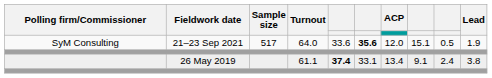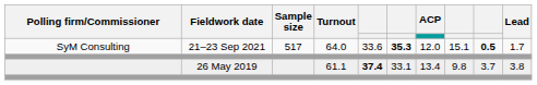 <table class="wikitable collapsible collapsed" style="text-align:center; font-size:95%; line-height:16px;">
 <tr style="height:42px;">
 <th style="width:250px;" rowspan="2">Polling firm/Commissioner</th>
 <th style="width:125px;" rowspan="2">Fieldwork date</th>
 <th style="width:50px;" rowspan="2">Sample size</th>
 <th style="width:45px;" rowspan="2">Turnout</th>
 <th style="width:35px;"></th>
 <th style="width:35px;"></th>
 <th style="width:35px;">ACP</th>
 <th style="width:35px;"></th>
 <th style="width:35px;"></th>
 <th style="width:30px;" rowspan="2">Lead</th>
 </tr>
 <tr>
 <th style="color:inherit;background:"></th>
 <th style="color:inherit;background:"></th>
 <th style="color:inherit;background:#009D9D;"></th>
 <th style="color:inherit;background:"></th>
 <th style="color:inherit;background:"></th>
 </tr>
 <tr>
 <td>SyM Consulting</td>
 <td>21–23 Sep 2021</td>
 <td>517</td>
 <td>64.0</td>
 <td>33.6<br></td>
-<td><strong>35.6</strong><br></td>
+<td><strong>35.3</strong><br></td>
 <td>12.0<br></td>
 <td>15.1<br></td>
-<td>0.5<br></td>
-<td style="background:">1.9</td>
+<td><strong>0.5<br></strong></td>
+<td style="background:">1.7</td>
 </tr>
 <tr>
 <td colspan="10" style="background:#A0A0A0"></td>
 </tr>
 <tr style="background:#EFEFEF;">
 <td><strong></strong></td>
 <td>26 May 2019</td>
 <td></td>
 <td>61.1</td>
 <td><strong>37.4</strong><br></td>
 <td>33.1<br></td>
 <td>13.4<br></td>
-<td>9.1<br></td>
-<td>2.4<br></td>
+<td>9.8<br></td>
+<td>3.7<br></td>
 <td style="background:">3.8</td>
 </tr>
 <tr>
 <td colspan="10" style="background:#A0A0A0"></td>
 </tr>
 </table>
